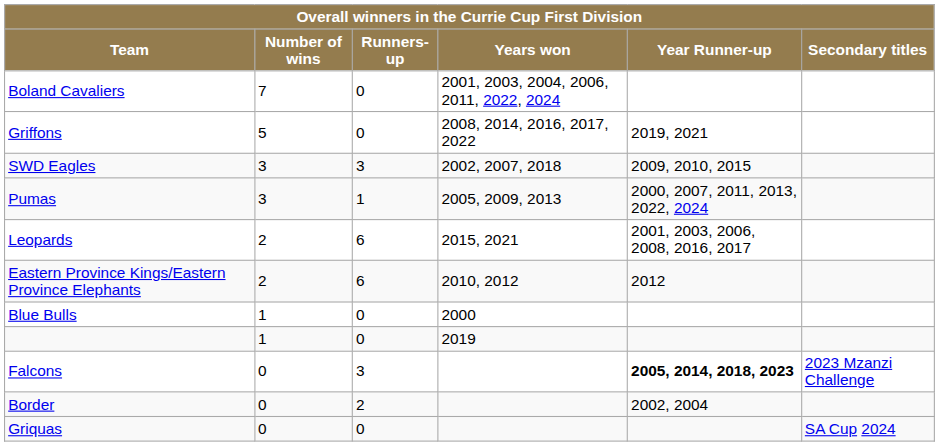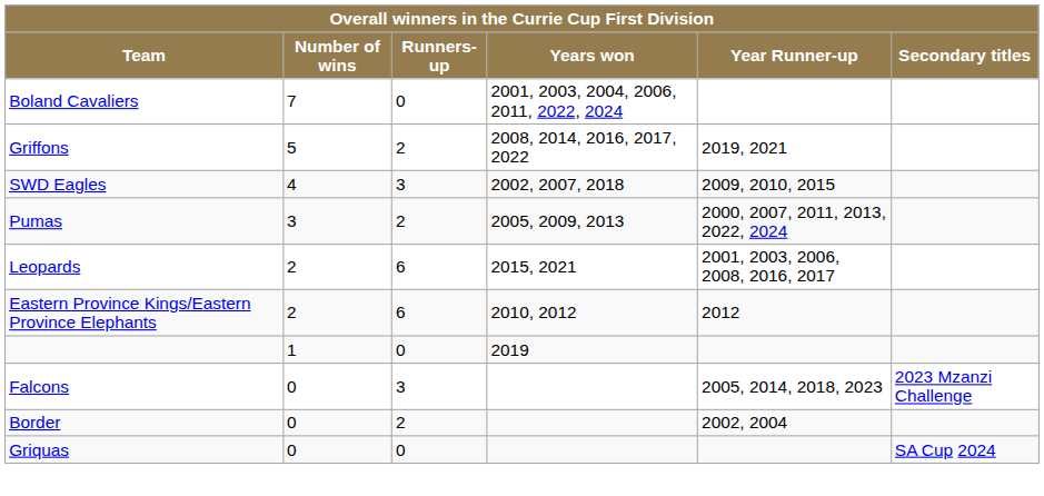 <table class="wikitable" style="text-align:left; font-size:90%; border-collapse:collapse;">
 <tr>
 <td colspan=6 align=center ! style="background: #947C4E; color:#FFFFFF"><strong>Overall winners in the Currie Cup First Division</strong></td>
 </tr>
 <tr>
 <th style="background: #947C4E; color:#FFFFFF ">Team</th>
 <th style="background: #947C4E; color:#FFFFFF ">Number of wins</th>
 <th style="background: #947C4E; color:#FFFFFF ">Runners-up</th>
 <th style="background: #947C4E; color:#FFFFFF ">Years won</th>
 <th style="background: #947C4E; color:#FFFFFF ">Year Runner-up</th>
 <th style="background: #947C4E; color:#FFFFFF ">Secondary titles</th>
 </tr>
 <tr style="background:#FFFFFF;">
 <td><a href='#'>Boland Cavaliers</a></td>
 <td>7</td>
 <td>0</td>
 <td>2001, 2003, 2004, 2006, 2011, <a href='#'>2022</a>, <a href='#'>2024</a></td>
 <td></td>
 <td></td>
 </tr>
 <tr style="background:#FFFFFF;">
 <td><a href='#'>Griffons</a></td>
 <td>5</td>
-<td>0</td>
+<td>2</td>
 <td>2008, 2014, 2016, 2017, 2022</td>
 <td>2019, 2021</td>
 <td></td>
 </tr>
 <tr>
 <td><a href='#'>SWD Eagles</a></td>
-<td>3</td>
+<td>4</td>
 <td>3</td>
 <td>2002, 2007, 2018</td>
 <td>2009, 2010, 2015</td>
 <td></td>
 </tr>
 <tr>
 <td><a href='#'>Pumas</a></td>
 <td>3</td>
-<td>1</td>
+<td>2</td>
 <td>2005, 2009, 2013</td>
 <td>2000, 2007, 2011, 2013, 2022, <a href='#'>2024</a></td>
 <td></td>
 </tr>
 <tr style="background:#FFFFFF;">
 <td><a href='#'>Leopards</a></td>
 <td>2</td>
 <td>6</td>
 <td>2015, 2021</td>
 <td>2001, 2003, 2006, 2008, 2016, 2017</td>
 <td></td>
 </tr>
 <tr>
 <td><a href='#'>Eastern Province Kings/Eastern Province Elephants</a></td>
 <td>2</td>
 <td>6</td>
 <td>2010, 2012</td>
 <td>2012</td>
 <td></td>
 </tr>
-<tr style="background:#FFFFFF;">
-<td><a href='#'>Blue Bulls</a></td>
-<td>1</td>
-<td>0</td>
-<td>2000</td>
-<td></td>
-<td></td>
-</tr>
 <tr>
 <td></td>
 <td>1</td>
 <td>0</td>
 <td>2019</td>
 <td></td>
 <td></td>
 </tr>
 <tr style="background:#FFFFFF;">
 <td><a href='#'>Falcons</a></td>
 <td>0</td>
 <td>3</td>
 <td></td>
-<td><strong>2005, 2014, 2018, 2023</strong></td>
+<td>2005, 2014, 2018, 2023</td>
 <td><a href='#'>2023 Mzanzi Challenge</a></td>
 </tr>
 <tr>
 <td><a href='#'>Border</a></td>
 <td>0</td>
 <td>2</td>
 <td></td>
 <td>2002, 2004</td>
 <td></td>
 </tr>
 <tr>
 <td><a href='#'>Griquas</a></td>
 <td>0</td>
 <td>0</td>
 <td></td>
 <td></td>
 <td><a href='#'>SA Cup</a> <a href='#'>2024</a></td>
 </tr>
 </table>
